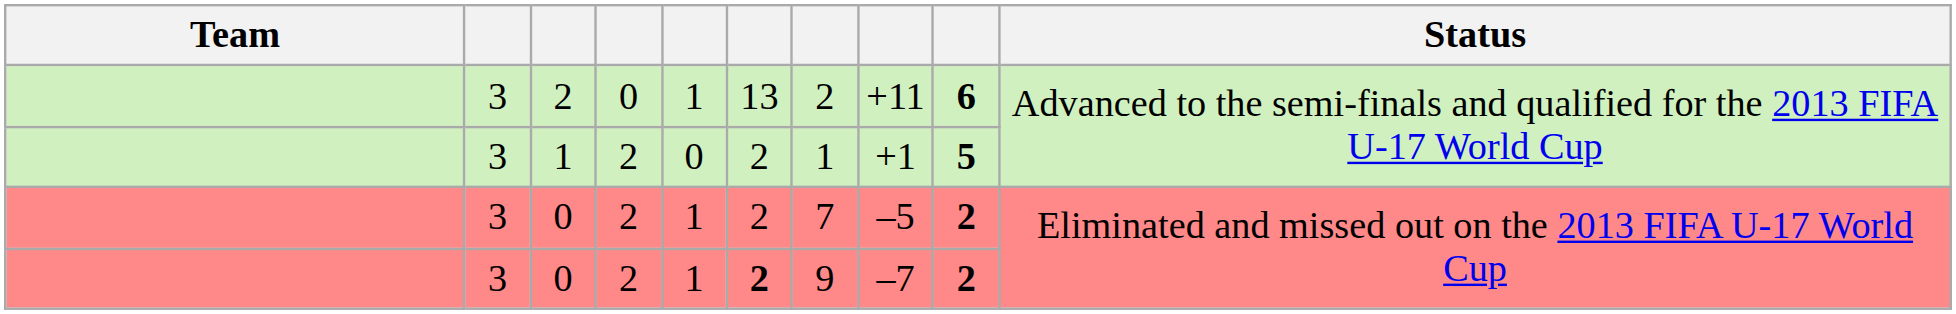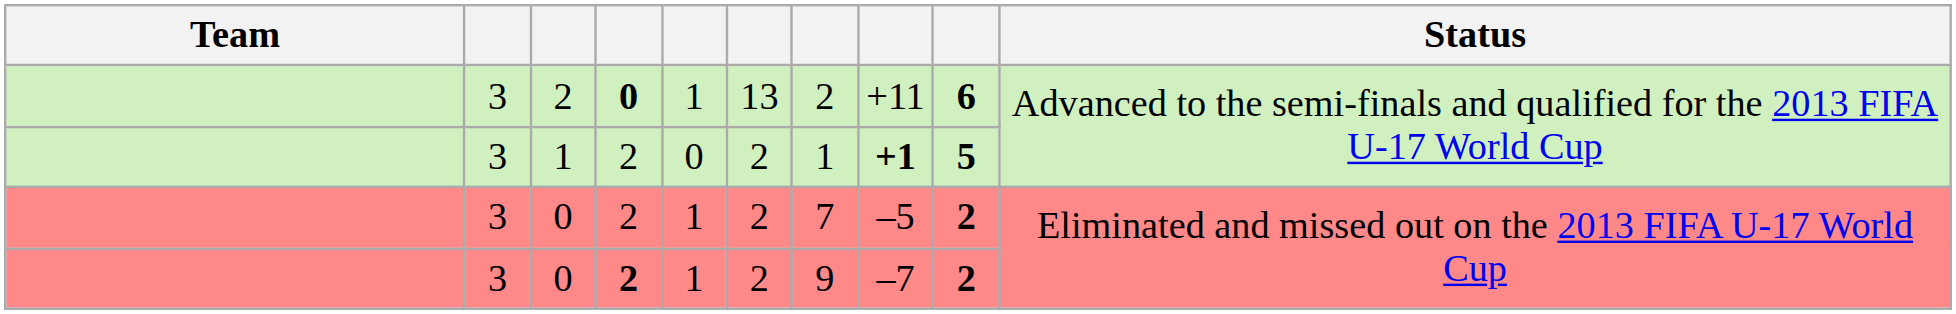 <table class="wikitable" style="text-align:center;">
 <tr>
 <th width=185>Team</th>
 <th width=20></th>
 <th width=20></th>
 <th width=20></th>
 <th width=20></th>
 <th width=20></th>
 <th width=20></th>
 <th width=20></th>
 <th width=20></th>
 <th width=391>Status</th>
 </tr>
 <tr bgcolor="#D0F0C0">
 <td align="left"></td>
 <td>3</td>
 <td>2</td>
-<td>0</td>
+<td><strong>0</strong></td>
 <td>1</td>
 <td>13</td>
 <td>2</td>
 <td>+11</td>
 <td><strong>6</strong></td>
 <td rowspan=2>Advanced to the semi-finals and qualified for the <a href='#'>2013 FIFA U-17 World Cup</a></td>
 </tr>
 <tr bgcolor="#D0F0C0">
 <td align="left"></td>
 <td>3</td>
 <td>1</td>
 <td>2</td>
 <td>0</td>
 <td>2</td>
 <td>1</td>
-<td>+1</td>
+<td><strong>+1</strong></td>
 <td><strong>5</strong></td>
 </tr>
 <tr bgcolor=#FF8888>
 <td align="left"></td>
 <td>3</td>
 <td>0</td>
 <td>2</td>
 <td>1</td>
 <td>2</td>
 <td>7</td>
 <td>–5</td>
 <td><strong>2</strong></td>
 <td rowspan=2>Eliminated and missed out on the <a href='#'>2013 FIFA U-17 World Cup</a></td>
 </tr>
 <tr bgcolor=#FF8888>
 <td align="left"></td>
 <td>3</td>
 <td>0</td>
+<td><strong>2</strong></td>
+<td>1</td>
 <td>2</td>
-<td>1</td>
-<td><strong>2</strong></td>
 <td>9</td>
 <td>–7</td>
 <td><strong>2</strong></td>
 </tr>
 </table>
